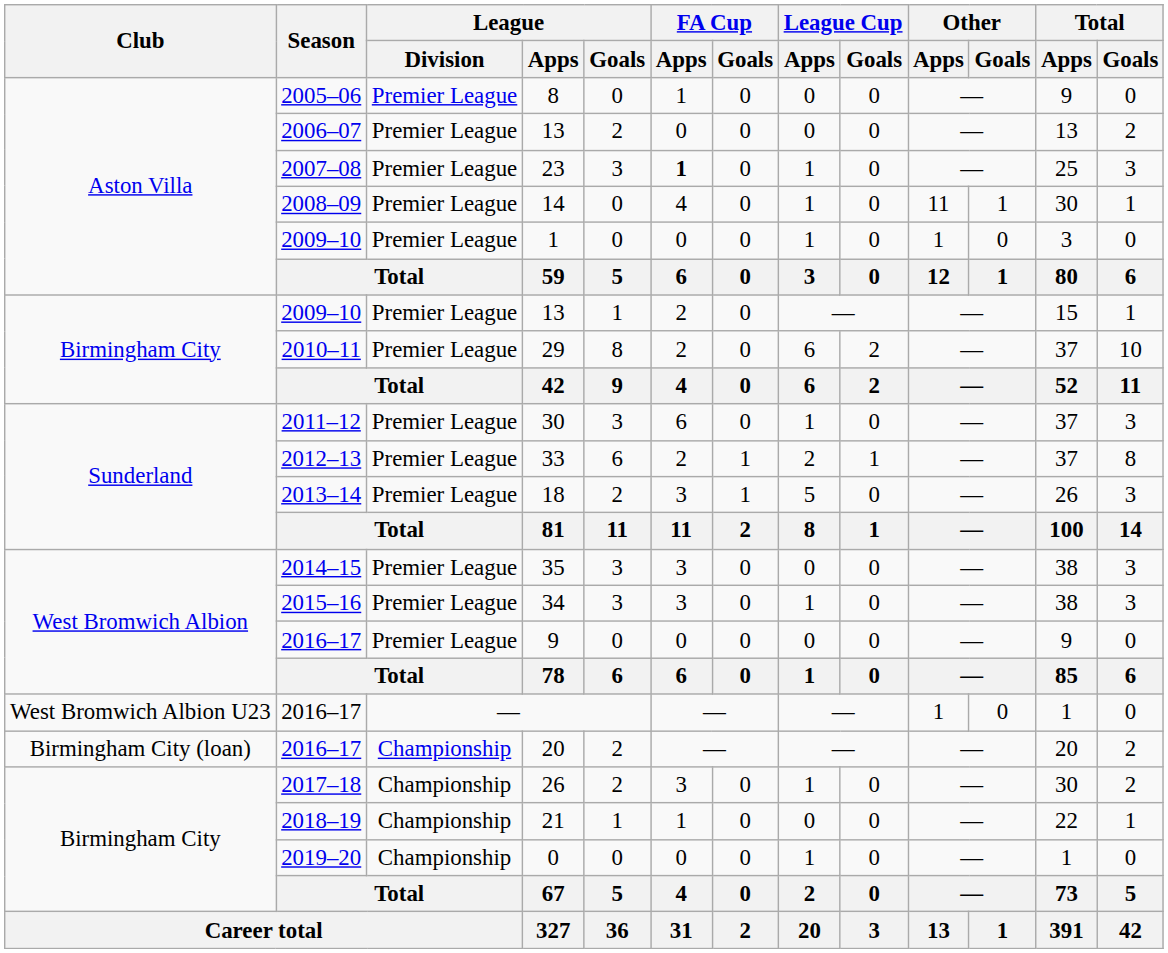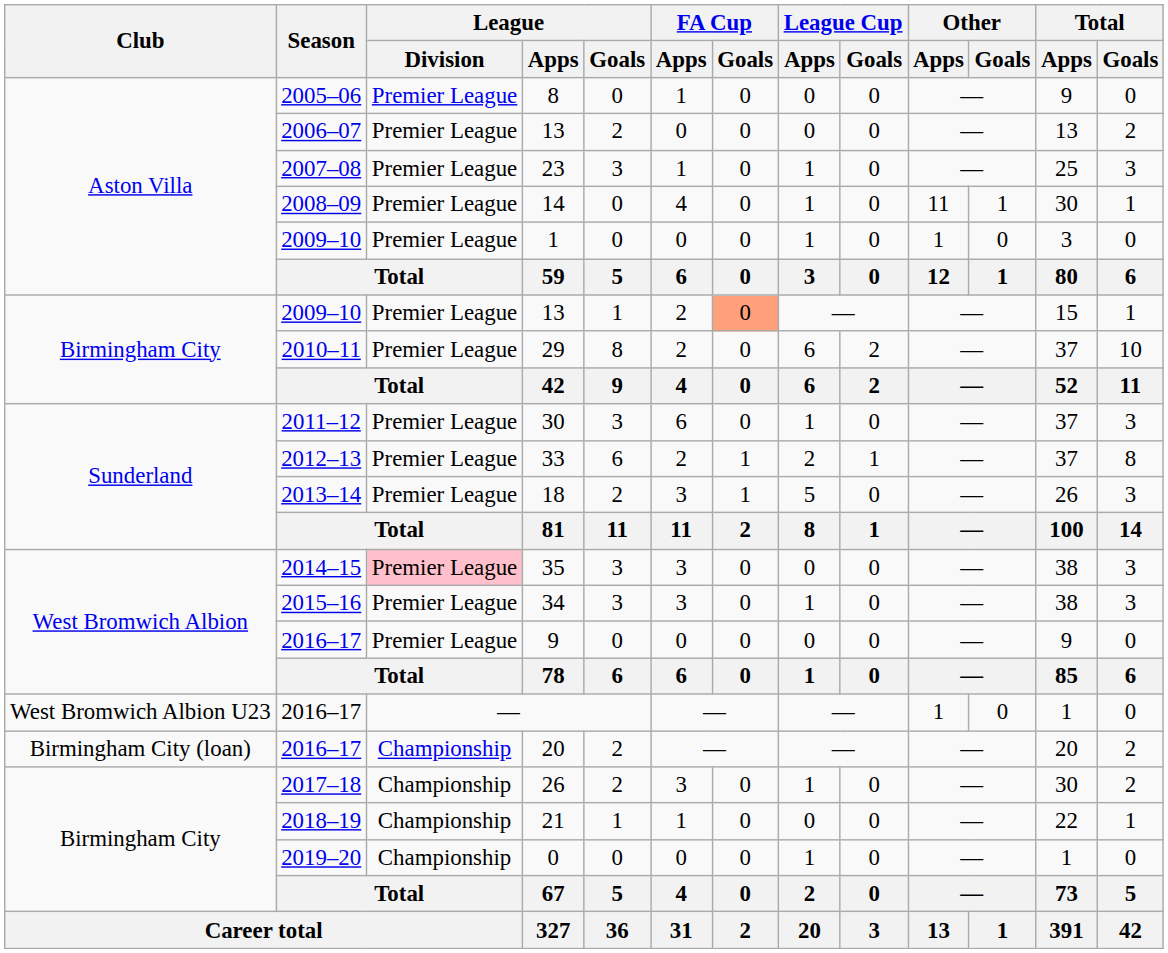 <table class=wikitable style="text-align: center;">
 <tr>
 <th rowspan=2>Club</th>
 <th rowspan=2>Season</th>
 <th colspan=3>League</th>
 <th colspan=2><a href='#'>FA Cup</a></th>
 <th colspan=2><a href='#'>League Cup</a></th>
 <th colspan=2>Other</th>
 <th colspan=2>Total</th>
 </tr>
 <tr>
 <th>Division</th>
 <th>Apps</th>
 <th>Goals</th>
 <th>Apps</th>
 <th>Goals</th>
 <th>Apps</th>
 <th>Goals</th>
 <th>Apps</th>
 <th>Goals</th>
 <th>Apps</th>
 <th>Goals</th>
 </tr>
 <tr>
 <td rowspan=6><a href='#'>Aston Villa</a></td>
 <td><a href='#'>2005–06</a></td>
 <td><a href='#'>Premier League</a></td>
 <td>8</td>
 <td>0</td>
 <td>1</td>
 <td>0</td>
 <td>0</td>
 <td>0</td>
 <td colspan=2>—</td>
 <td>9</td>
 <td>0</td>
 </tr>
 <tr>
 <td><a href='#'>2006–07</a></td>
 <td>Premier League</td>
 <td>13</td>
 <td>2</td>
 <td>0</td>
 <td>0</td>
 <td>0</td>
 <td>0</td>
 <td colspan=2>—</td>
 <td>13</td>
 <td>2</td>
 </tr>
 <tr>
 <td><a href='#'>2007–08</a></td>
 <td>Premier League</td>
 <td>23</td>
 <td>3</td>
-<td><strong>1</strong></td>
+<td>1</td>
 <td>0</td>
 <td>1</td>
 <td>0</td>
 <td colspan=2>—</td>
 <td>25</td>
 <td>3</td>
 </tr>
 <tr>
 <td><a href='#'>2008–09</a></td>
 <td>Premier League</td>
 <td>14</td>
 <td>0</td>
 <td>4</td>
 <td>0</td>
 <td>1</td>
 <td>0</td>
 <td>11</td>
 <td>1</td>
 <td>30</td>
 <td>1</td>
 </tr>
 <tr>
 <td><a href='#'>2009–10</a></td>
 <td>Premier League</td>
 <td>1</td>
 <td>0</td>
 <td>0</td>
 <td>0</td>
 <td>1</td>
 <td>0</td>
 <td>1</td>
 <td>0</td>
 <td>3</td>
 <td>0</td>
 </tr>
 <tr>
 <th colspan=2>Total</th>
 <th>59</th>
 <th>5</th>
 <th>6</th>
 <th>0</th>
 <th>3</th>
 <th>0</th>
 <th>12</th>
 <th>1</th>
 <th>80</th>
 <th>6</th>
 </tr>
 <tr>
 <td rowspan=3><a href='#'>Birmingham City</a></td>
 <td><a href='#'>2009–10</a></td>
 <td>Premier League</td>
 <td>13</td>
 <td>1</td>
 <td>2</td>
-<td>0</td>
+<td style="background: lightsalmon;">0</td>
 <td colspan=2>—</td>
 <td colspan=2>—</td>
 <td>15</td>
 <td>1</td>
 </tr>
 <tr>
 <td><a href='#'>2010–11</a></td>
 <td>Premier League</td>
 <td>29</td>
 <td>8</td>
 <td>2</td>
 <td>0</td>
 <td>6</td>
 <td>2</td>
 <td colspan=2>—</td>
 <td>37</td>
 <td>10</td>
 </tr>
 <tr>
 <th colspan=2>Total</th>
 <th>42</th>
 <th>9</th>
 <th>4</th>
 <th>0</th>
 <th>6</th>
 <th>2</th>
 <th colspan=2>—</th>
 <th>52</th>
 <th>11</th>
 </tr>
 <tr>
 <td rowspan=4><a href='#'>Sunderland</a></td>
 <td><a href='#'>2011–12</a></td>
 <td>Premier League</td>
 <td>30</td>
 <td>3</td>
 <td>6</td>
 <td>0</td>
 <td>1</td>
 <td>0</td>
 <td colspan=2>—</td>
 <td>37</td>
 <td>3</td>
 </tr>
 <tr>
 <td><a href='#'>2012–13</a></td>
 <td>Premier League</td>
 <td>33</td>
 <td>6</td>
 <td>2</td>
 <td>1</td>
 <td>2</td>
 <td>1</td>
 <td colspan=2>—</td>
 <td>37</td>
 <td>8</td>
 </tr>
 <tr>
 <td><a href='#'>2013–14</a></td>
 <td>Premier League</td>
 <td>18</td>
 <td>2</td>
 <td>3</td>
 <td>1</td>
 <td>5</td>
 <td>0</td>
 <td colspan=2>—</td>
 <td>26</td>
 <td>3</td>
 </tr>
 <tr>
 <th colspan=2>Total</th>
 <th>81</th>
 <th>11</th>
 <th>11</th>
 <th>2</th>
 <th>8</th>
 <th>1</th>
 <th colspan=2>—</th>
 <th>100</th>
 <th>14</th>
 </tr>
 <tr>
 <td rowspan=4><a href='#'>West Bromwich Albion</a></td>
 <td><a href='#'>2014–15</a></td>
-<td>Premier League</td>
+<td style="background: pink;">Premier League</td>
 <td>35</td>
 <td>3</td>
 <td>3</td>
 <td>0</td>
 <td>0</td>
 <td>0</td>
 <td colspan=2>—</td>
 <td>38</td>
 <td>3</td>
 </tr>
 <tr>
 <td><a href='#'>2015–16</a></td>
 <td>Premier League</td>
 <td>34</td>
 <td>3</td>
 <td>3</td>
 <td>0</td>
 <td>1</td>
 <td>0</td>
 <td colspan=2>—</td>
 <td>38</td>
 <td>3</td>
 </tr>
 <tr>
 <td><a href='#'>2016–17</a></td>
 <td>Premier League</td>
 <td>9</td>
 <td>0</td>
 <td>0</td>
 <td>0</td>
 <td>0</td>
 <td>0</td>
 <td colspan=2>—</td>
 <td>9</td>
 <td>0</td>
 </tr>
 <tr>
 <th colspan=2>Total</th>
 <th>78</th>
 <th>6</th>
 <th>6</th>
 <th>0</th>
 <th>1</th>
 <th>0</th>
 <th colspan=2>—</th>
 <th>85</th>
 <th>6</th>
 </tr>
 <tr>
 <td>West Bromwich Albion U23</td>
 <td>2016–17</td>
 <td colspan=3>—</td>
 <td colspan=2>—</td>
 <td colspan=2>—</td>
 <td>1</td>
 <td>0</td>
 <td>1</td>
 <td>0</td>
 </tr>
 <tr>
 <td>Birmingham City (loan)</td>
 <td><a href='#'>2016–17</a></td>
 <td><a href='#'>Championship</a></td>
 <td>20</td>
 <td>2</td>
 <td colspan=2>—</td>
 <td colspan=2>—</td>
 <td colspan=2>—</td>
 <td>20</td>
 <td>2</td>
 </tr>
 <tr>
 <td rowspan=4>Birmingham City</td>
 <td><a href='#'>2017–18</a></td>
 <td>Championship</td>
 <td>26</td>
 <td>2</td>
 <td>3</td>
 <td>0</td>
 <td>1</td>
 <td>0</td>
 <td colspan=2>—</td>
 <td>30</td>
 <td>2</td>
 </tr>
 <tr>
 <td><a href='#'>2018–19</a></td>
 <td>Championship</td>
 <td>21</td>
 <td>1</td>
 <td>1</td>
 <td>0</td>
 <td>0</td>
 <td>0</td>
 <td colspan=2>—</td>
 <td>22</td>
 <td>1</td>
 </tr>
 <tr>
 <td><a href='#'>2019–20</a></td>
 <td>Championship</td>
 <td>0</td>
 <td>0</td>
 <td>0</td>
 <td>0</td>
 <td>1</td>
 <td>0</td>
 <td colspan=2>—</td>
 <td>1</td>
 <td>0</td>
 </tr>
 <tr>
 <th colspan=2>Total</th>
 <th>67</th>
 <th>5</th>
 <th>4</th>
 <th>0</th>
 <th>2</th>
 <th>0</th>
 <th colspan=2>—</th>
 <th>73</th>
 <th>5</th>
 </tr>
 <tr>
 <th colspan=3>Career total</th>
 <th>327</th>
 <th>36</th>
 <th>31</th>
 <th>2</th>
 <th>20</th>
 <th>3</th>
 <th>13</th>
 <th>1</th>
 <th>391</th>
 <th>42</th>
 </tr>
 </table>
